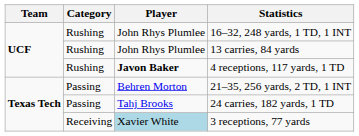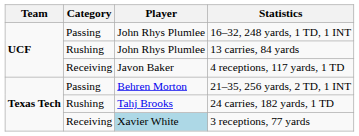 <table class="wikitable" style="float: right;">
 <tr>
 <th>Team</th>
 <th>Category</th>
 <th>Player</th>
 <th>Statistics</th>
 </tr>
 <tr>
 <td rowspan=3><strong>UCF</strong></td>
-<td>Rushing</td>
+<td>Passing</td>
 <td>John Rhys Plumlee</td>
 <td>16–32, 248 yards, 1 TD, 1 INT</td>
 </tr>
 <tr>
 <td>Rushing</td>
 <td>John Rhys Plumlee</td>
 <td>13 carries, 84 yards</td>
 </tr>
 <tr>
-<td>Rushing</td>
-<td><strong>Javon Baker</strong></td>
+<td>Receiving</td>
+<td>Javon Baker</td>
 <td>4 receptions, 117 yards, 1 TD</td>
 </tr>
 <tr>
 <td rowspan=3><strong>Texas Tech</strong></td>
 <td>Passing</td>
 <td><a href='#'>Behren Morton</a></td>
 <td>21–35, 256 yards, 2 TD, 1 INT</td>
 </tr>
 <tr>
-<td>Passing</td>
+<td>Rushing</td>
 <td><a href='#'>Tahj Brooks</a></td>
 <td>24 carries, 182 yards, 1 TD</td>
 </tr>
 <tr>
 <td>Receiving</td>
 <td style="background: lightblue;">Xavier White</td>
 <td>3 receptions, 77 yards</td>
 </tr>
 </table>
